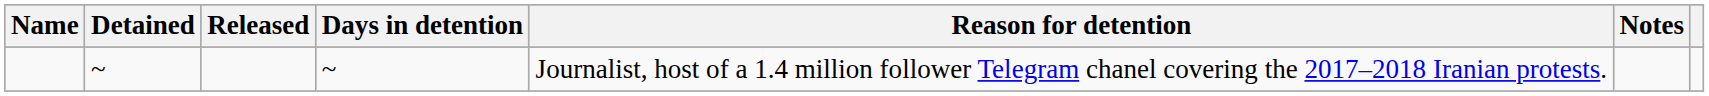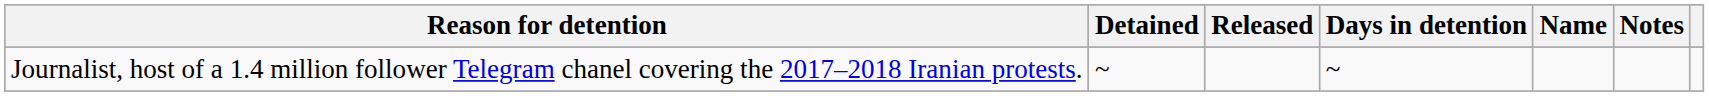 <table class="wikitable sortable">
 <tr>
-<th>Name</th>
+<th>Reason for detention</th>
 <th>Detained</th>
 <th>Released</th>
 <th>Days in detention</th>
-<th>Reason for detention</th>
+<th>Name</th>
 <th>Notes</th>
 <th class="unsortable"></th>
 </tr>
 <tr>
+<td>Journalist, host of a 1.4 million follower <a href='#'>Telegram</a> chanel covering the <a href='#'>2017–2018 Iranian protests</a>.</td>
+<td>~</td>
 <td></td>
 <td>~</td>
 <td></td>
-<td>~</td>
-<td>Journalist, host of a 1.4 million follower <a href='#'>Telegram</a> chanel covering the <a href='#'>2017–2018 Iranian protests</a>.</td>
 <td></td>
 <td align="center"></td>
 </tr>
 </table>
